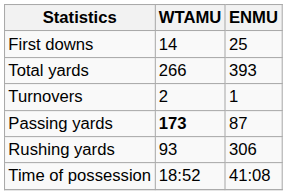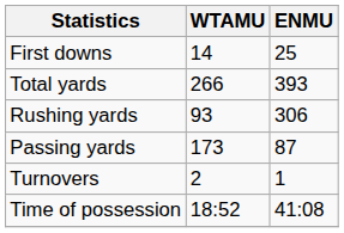 <table class="wikitable">
 <tr>
 <th>Statistics</th>
 <th>WTAMU</th>
 <th>ENMU</th>
 </tr>
 <tr>
 <td>First downs</td>
 <td>14</td>
 <td>25</td>
 </tr>
 <tr>
 <td>Total yards</td>
 <td>266</td>
 <td>393</td>
 </tr>
 <tr>
+<td>Rushing yards</td>
+<td>93</td>
+<td>306</td>
+</tr>
+<tr>
+<td>Passing yards</td>
+<td>173</td>
+<td>87</td>
+</tr>
+<tr>
 <td>Turnovers</td>
 <td>2</td>
 <td>1</td>
-</tr>
-<tr>
-<td>Passing yards</td>
-<td><strong>173</strong></td>
-<td>87</td>
-</tr>
-<tr>
-<td>Rushing yards</td>
-<td>93</td>
-<td>306</td>
 </tr>
 <tr>
 <td>Time of possession</td>
 <td>18:52</td>
 <td>41:08</td>
 </tr>
 <tr>
 </tr>
 </table>
